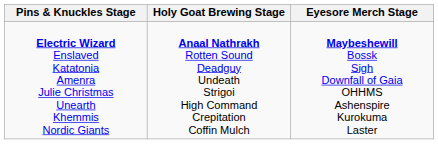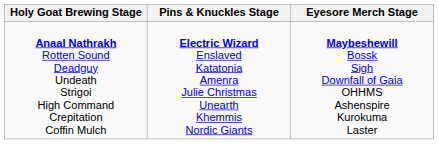 <table class="wikitable">
 <tr>
+<th>Holy Goat Brewing Stage</th>
 <th>Pins & Knuckles Stage</th>
-<th>Holy Goat Brewing Stage</th>
 <th>Eyesore Merch Stage</th>
 </tr>
 <tr>
+<td valign="top" align="center" width="200"><br><strong><a href='#'>Anaal Nathrakh</a></strong><br><a href='#'>Rotten Sound</a><br><a href='#'>Deadguy</a><br>Undeath<br>Strigoi<br>High Command<br>Crepitation<br>Coffin Mulch</td>
 <td valign="top" align="center" width="200"><br><strong><a href='#'>Electric Wizard</a></strong><br><a href='#'>Enslaved</a><br><a href='#'>Katatonia</a><br><a href='#'>Amenra</a><br><a href='#'>Julie Christmas</a><br><a href='#'>Unearth</a><br><a href='#'>Khemmis</a><br><a href='#'>Nordic Giants</a></td>
-<td valign="top" align="center" width="200"><br><strong><a href='#'>Anaal Nathrakh</a></strong><br><a href='#'>Rotten Sound</a><br><a href='#'>Deadguy</a><br>Undeath<br>Strigoi<br>High Command<br>Crepitation<br>Coffin Mulch</td>
 <td valign="top" align="center" width="200"><br><strong><a href='#'>Maybeshewill</a></strong><br><a href='#'>Bossk</a><br><a href='#'>Sigh</a><br><a href='#'>Downfall of Gaia</a><br>OHHMS<br>Ashenspire<br>Kurokuma<br>Laster</td>
 </tr>
 </table>
